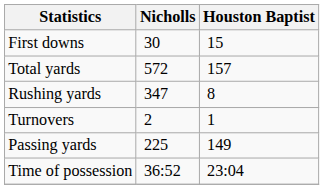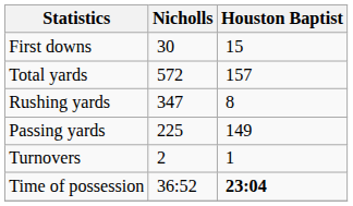 <table class="wikitable">
 <tr>
 <th>Statistics</th>
 <th>Nicholls</th>
 <th>Houston Baptist</th>
 </tr>
 <tr>
 <td>First downs</td>
 <td> 30</td>
 <td> 15</td>
 </tr>
 <tr>
 <td>Total yards</td>
 <td> 572</td>
 <td> 157</td>
 </tr>
 <tr>
 <td>Rushing yards</td>
 <td> 347</td>
 <td> 8</td>
 </tr>
 <tr>
+<td>Passing yards</td>
+<td> 225</td>
+<td> 149</td>
+</tr>
+<tr>
 <td>Turnovers</td>
 <td> 2</td>
 <td> 1</td>
 </tr>
 <tr>
-<td>Passing yards</td>
-<td> 225</td>
-<td> 149</td>
-</tr>
-<tr>
 <td>Time of possession</td>
 <td> 36:52</td>
-<td> 23:04</td>
+<td><strong> 23:04</strong></td>
 </tr>
 <tr>
 </tr>
 </table>
